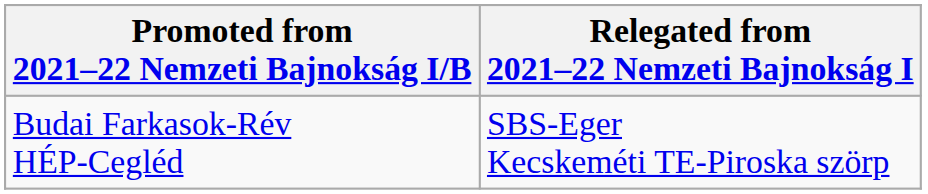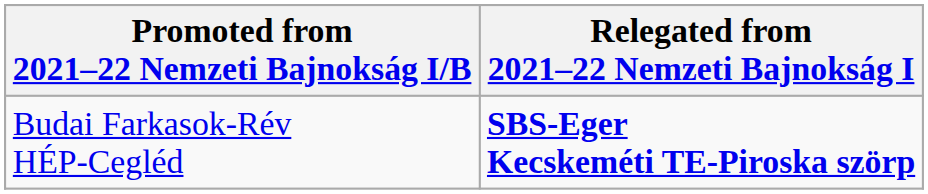 <table class="wikitable">
 <tr>
 <th>Promoted from<br><a href='#'>2021–22 Nemzeti Bajnokság I/B</a></th>
 <th>Relegated from<br><a href='#'>2021–22 Nemzeti Bajnokság I</a></th>
 </tr>
 <tr>
 <td><a href='#'>Budai Farkasok-Rév</a><br><a href='#'>HÉP-Cegléd</a></td>
-<td><a href='#'>SBS-Eger</a><br><a href='#'>Kecskeméti TE-Piroska szörp</a></td>
+<td><strong><a href='#'>SBS-Eger</a><br><a href='#'>Kecskeméti TE-Piroska szörp</a></strong></td>
 </tr>
 </table>
